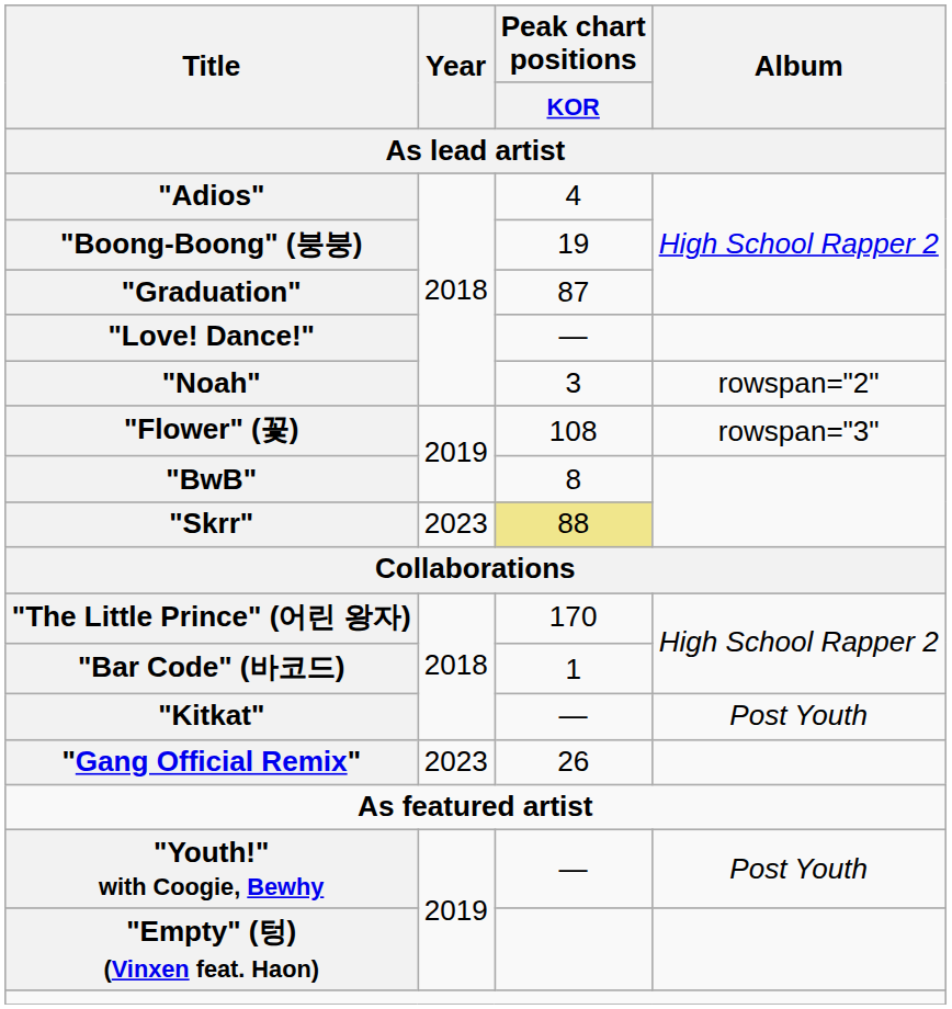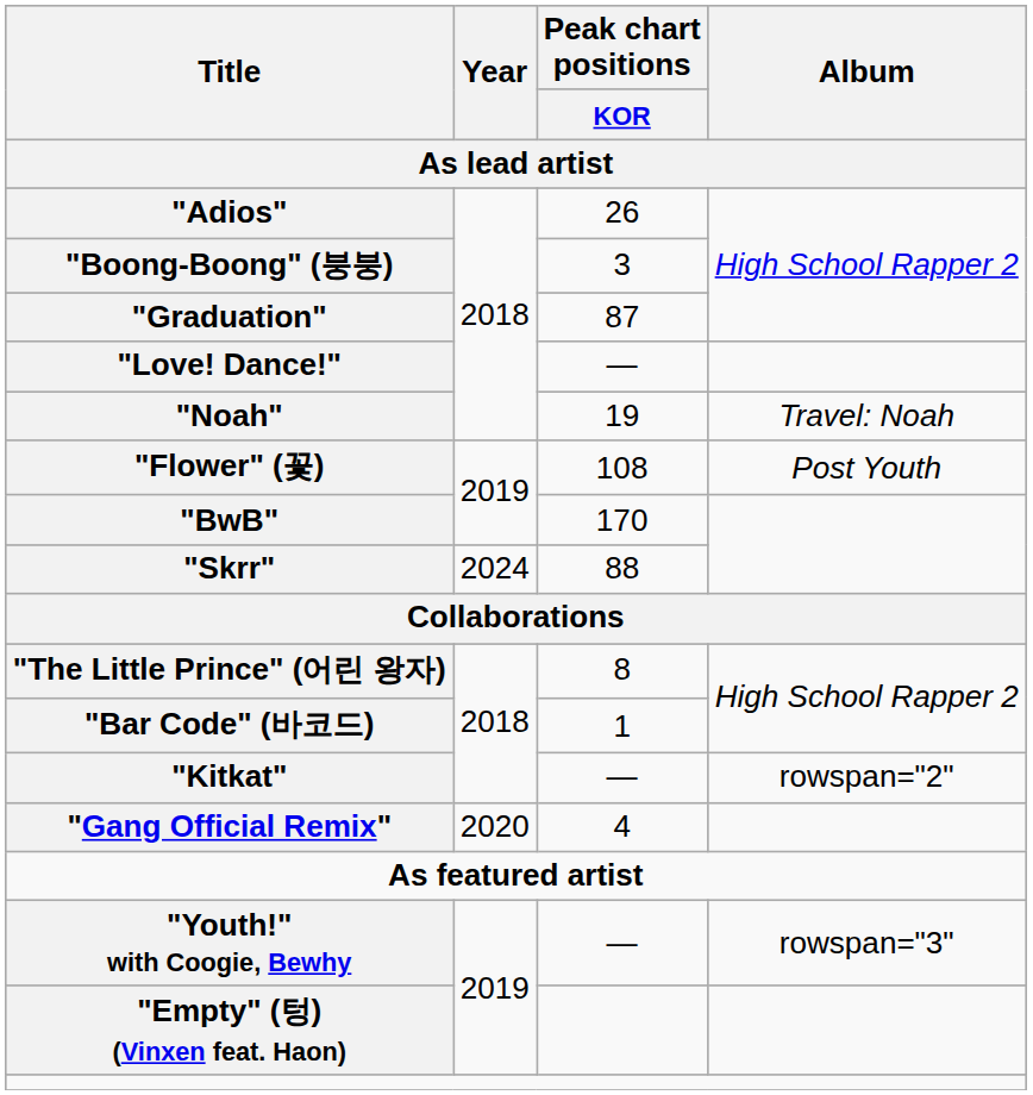 <table class="wikitable plainrowheaders" style="text-align:center;">
 <tr>
 <th scope="col" rowspan="2">Title</th>
 <th scope="col" rowspan="2">Year</th>
 <th scope="col" colspan="1">Peak chart <br> positions</th>
 <th scope="col" rowspan="2">Album</th>
 </tr>
 <tr>
 <th><small><a href='#'>KOR</a></small><br></th>
 </tr>
 <tr>
 <th scope="col" colspan="4">As lead artist</th>
 </tr>
 <tr>
 <th scope="row">"Adios"</th>
 <td rowspan="5">2018</td>
-<td>4</td>
+<td>26</td>
 <td rowspan="3"><em><a href='#'>High School Rapper 2</a></em></td>
 </tr>
 <tr>
 <th scope="row">"Boong-Boong" (붕붕)<br></th>
-<td>19</td>
+<td>3</td>
 </tr>
 <tr>
 <th scope="row">"Graduation"<br></th>
 <td>87</td>
 </tr>
 <tr>
 <th scope="row">"Love! Dance!"</th>
 <td>—</td>
 <td></td>
 </tr>
 <tr>
 <th scope="row">"Noah"<br></th>
-<td>3</td>
-<td>rowspan="2" </td>
+<td>19</td>
+<td><em>Travel: Noah</em></td>
 </tr>
 <tr>
 <th scope="row">"Flower" (꽃)</th>
 <td rowspan="2">2019</td>
 <td>108</td>
-<td>rowspan="3" </td>
+<td><em>Post Youth</em></td>
 </tr>
 <tr>
 <th scope="row">"BwB"</th>
-<td>8</td>
+<td>170</td>
 </tr>
 <tr>
 <th scope="row">"Skrr"<br></th>
-<td>2023</td>
-<td style="background: khaki;">88</td>
+<td>2024</td>
+<td>88</td>
 </tr>
 <tr>
 <th scope="col" colspan="4">Collaborations</th>
 </tr>
 <tr>
 <th scope="row">"The Little Prince" (어린 왕자)<br></th>
 <td rowspan="3">2018</td>
-<td>170</td>
+<td>8</td>
 <td rowspan="2"><em>High School Rapper 2</em></td>
 </tr>
 <tr>
 <th scope="row">"Bar Code" (바코드)<br></th>
 <td>1</td>
 </tr>
 <tr>
 <th scope="row">"Kitkat"<br></th>
 <td>—</td>
-<td><em>Post Youth</em></td>
+<td>rowspan="2" </td>
 </tr>
 <tr>
 <th scope="row">"<a href='#'>Gang Official Remix</a>"<br></th>
-<td>2023</td>
-<td>26</td>
+<td>2020</td>
+<td>4</td>
 </tr>
 <tr>
 <td colspan="4"><strong>As featured artist</strong></td>
 </tr>
 <tr>
 <th scope="row">"Youth!"<br><small>with Coogie, <a href='#'>Bewhy</a></small></th>
 <td rowspan="2">2019</td>
 <td>—</td>
-<td><em>Post Youth</em></td>
+<td>rowspan="3" </td>
 </tr>
 <tr>
 <th scope="row">"Empty" (텅)<br><small>(<a href='#'>Vinxen</a> feat. Haon)</small></th>
 <td></td>
 <td></td>
 </tr>
 <tr>
 <td colspan="4"></td>
 </tr>
 </table>
